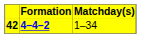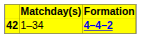 <table class="toccolours" border="0" cellpadding="2" cellspacing="0" align="center" style="margin: 0.5em 0 1em 1em; background: #000000; border: 1px #aaaaaa solid;">
 <tr bgcolor=#FFFF00>
 <th></th>
+<th>Matchday(s)</th>
 <th>Formation</th>
-<th>Matchday(s)</th>
 </tr>
 <tr bgcolor=#FFFF00>
 <td><strong>42</strong></td>
+<td>1–34</td>
 <td><a href='#'><span><strong>4–4–2</strong></span></a></td>
-<td>1–34</td>
 </tr>
 </table>
